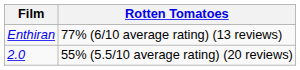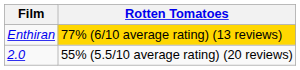 <table class="wikitable sortable plainrowheaders" "text-align:center;">
 <tr>
 <th>Film</th>
 <th><a href='#'>Rotten Tomatoes</a></th>
 </tr>
 <tr>
 <td><em><a href='#'>Enthiran</a></em></td>
-<td>77% (6/10 average rating) (13 reviews)</td>
+<td style="background: gold;">77% (6/10 average rating) (13 reviews)</td>
 </tr>
 <tr>
 <td><em><a href='#'>2.0</a></em></td>
 <td>55% (5.5/10 average rating) (20 reviews)</td>
 </tr>
 </table>
